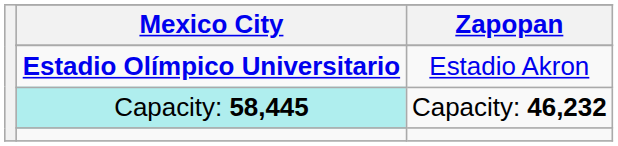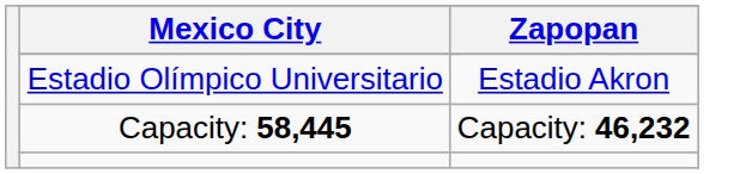 <table class=wikitable style="text-align:center"">
 <tr>
 <th rowspan="6"></th>
 </tr>
 <tr>
 <th><a href='#'>Mexico City</a></th>
 <th><a href='#'>Zapopan</a></th>
 </tr>
 <tr>
 </tr>
 <tr>
-<td><strong><a href='#'>Estadio Olímpico Universitario</a></strong></td>
+<td><a href='#'>Estadio Olímpico Universitario</a></td>
 <td><a href='#'>Estadio Akron</a></td>
 </tr>
 <tr>
-<td style="background: paleturquoise;">Capacity: <strong>58,445</strong></td>
+<td>Capacity: <strong>58,445</strong></td>
 <td>Capacity: <strong>46,232</strong></td>
 </tr>
 <tr>
 <td></td>
 <td></td>
 </tr>
 </table>
